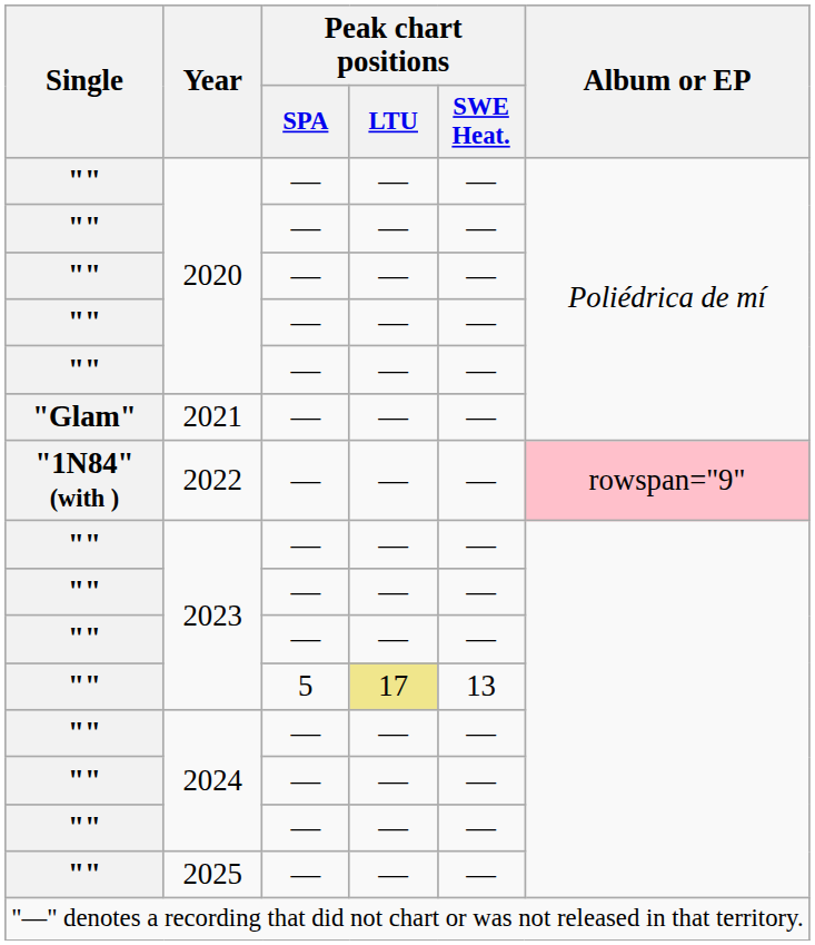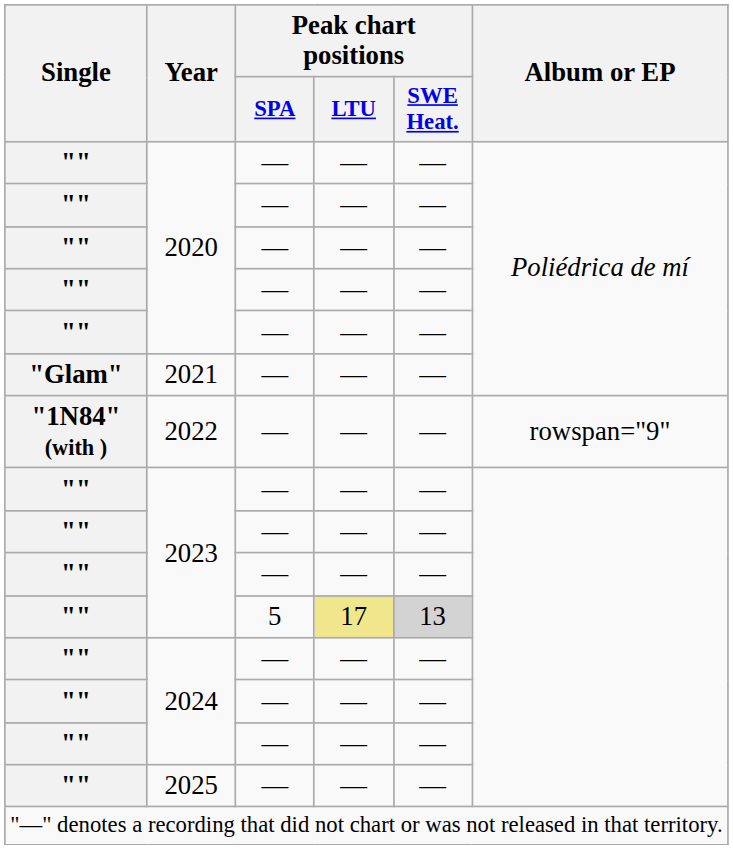 <table class="wikitable plainrowheaders" style="text-align:center;">
 <tr>
 <th scope="col" rowspan="2">Single</th>
 <th scope="col" rowspan="2">Year</th>
 <th scope="col" colspan="3">Peak chart positions</th>
 <th scope="col" rowspan="2">Album or EP</th>
 </tr>
 <tr>
 <th scope="col" style="width:3em;font-size:85%;"><a href='#'>SPA</a><br></th>
 <th scope="col" style="width:3em;font-size:85%;"><a href='#'>LTU</a><br></th>
 <th scope="col" style="width:3em;font-size:85%;"><a href='#'>SWE<br>Heat.</a><br></th>
 </tr>
 <tr>
 <th scope="row">""</th>
 <td rowspan="5">2020</td>
 <td>—</td>
 <td>—</td>
 <td>—</td>
 <td rowspan="6"><em>Poliédrica de mí</em></td>
 </tr>
 <tr>
 <th scope="row">""</th>
 <td>—</td>
 <td>—</td>
 <td>—</td>
 </tr>
 <tr>
 <th scope="row">""</th>
 <td>—</td>
 <td>—</td>
 <td>—</td>
 </tr>
 <tr>
 <th scope="row">""</th>
 <td>—</td>
 <td>—</td>
 <td>—</td>
 </tr>
 <tr>
 <th scope="row">""</th>
 <td>—</td>
 <td>—</td>
 <td>—</td>
 </tr>
 <tr>
 <th scope="row">"Glam"</th>
 <td>2021</td>
 <td>—</td>
 <td>—</td>
 <td>—</td>
 </tr>
 <tr>
 <th scope="row">"1N84"<br><small>(with )</small></th>
 <td>2022</td>
 <td>—</td>
 <td>—</td>
 <td>—</td>
-<td style="background: pink;">rowspan="9" </td>
+<td>rowspan="9" </td>
 </tr>
 <tr>
 <th scope="row">""</th>
 <td rowspan="4">2023</td>
 <td>—</td>
 <td>—</td>
 <td>—</td>
 </tr>
 <tr>
 <th scope="row">""</th>
 <td>—</td>
 <td>—</td>
 <td>—</td>
 </tr>
 <tr>
 <th scope="row">""</th>
 <td>—</td>
 <td>—</td>
 <td>—</td>
 </tr>
 <tr>
 <th scope="row">""</th>
 <td>5</td>
 <td style="background: khaki;">17</td>
-<td>13</td>
+<td style="background: lightgrey;">13</td>
 </tr>
 <tr>
 <th scope="row">""</th>
 <td rowspan="3">2024</td>
 <td>—</td>
 <td>—</td>
 <td>—</td>
 </tr>
 <tr>
 <th scope="row">""</th>
 <td>—</td>
 <td>—</td>
 <td>—</td>
 </tr>
 <tr>
 <th scope="row">""</th>
 <td>—</td>
 <td>—</td>
 <td>—</td>
 </tr>
 <tr>
 <th scope="row">""<br></th>
 <td>2025</td>
 <td>—</td>
 <td>—</td>
 <td>—</td>
 </tr>
 <tr>
 <td colspan="6" style="font-size:85%">"—" denotes a recording that did not chart or was not released in that territory.</td>
 </tr>
 </table>
